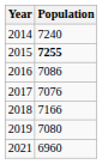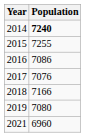 <table class="wikitable">
 <tr>
 <th>Year</th>
 <th>Population</th>
 </tr>
 <tr>
 <td>2014</td>
-<td>7240</td>
+<td><strong>7240</strong></td>
 </tr>
 <tr>
 <td>2015</td>
-<td><strong>7255</strong></td>
+<td>7255</td>
 </tr>
 <tr>
 <td>2016</td>
 <td>7086</td>
 </tr>
 <tr>
 <td>2017</td>
 <td>7076</td>
 </tr>
 <tr>
 <td>2018</td>
 <td>7166</td>
 </tr>
 <tr>
 <td>2019</td>
 <td>7080</td>
 </tr>
 <tr>
 <td>2021</td>
 <td>6960</td>
 </tr>
 </table>
